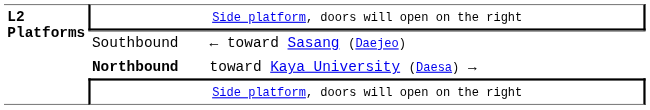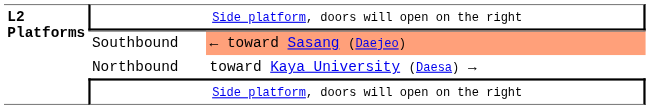 <table table border=0 cellspacing=0 cellpadding=3>
 <tr>
 <td style="border-top:solid 1px gray;border-bottom:solid 1px gray;" width=50 rowspan=10 valign=top><strong>L2<br>Platforms</strong></td>
 <td style="border-top:solid 1px gray;border-right:solid 2px black;border-left:solid 2px black;border-bottom:solid 2px black;text-align:center;" colspan=2><small><a href='#'>Side platform</a>, doors will open on the right</small></td>
 </tr>
 <tr>
 <td style="border-bottom:solid 0px gray;border-top:solid 1px gray;" width=100>Southbound</td>
-<td style="border-bottom:solid 0px gray;border-top:solid 1px gray;" width=390>←  toward <a href='#'>Sasang</a> <small>(<a href='#'>Daejeo</a>)</small></td>
+<td style="background: lightsalmon; border-bottom:solid 0px gray;border-top:solid 1px gray;" width=390>←  toward <a href='#'>Sasang</a> <small>(<a href='#'>Daejeo</a>)</small></td>
 </tr>
 <tr>
-<td><strong>Northbound</strong></td>
+<td>Northbound</td>
 <td>  toward <a href='#'>Kaya University</a> <small>(<a href='#'>Daesa</a>)</small> →</td>
 </tr>
 <tr>
 <td style="border-top:solid 2px black;border-right:solid 2px black;border-left:solid 2px black;border-bottom:solid 1px gray;text-align:center;" colspan=2><small><a href='#'>Side platform</a>, doors will open on the right</small></td>
 </tr>
 </table>
